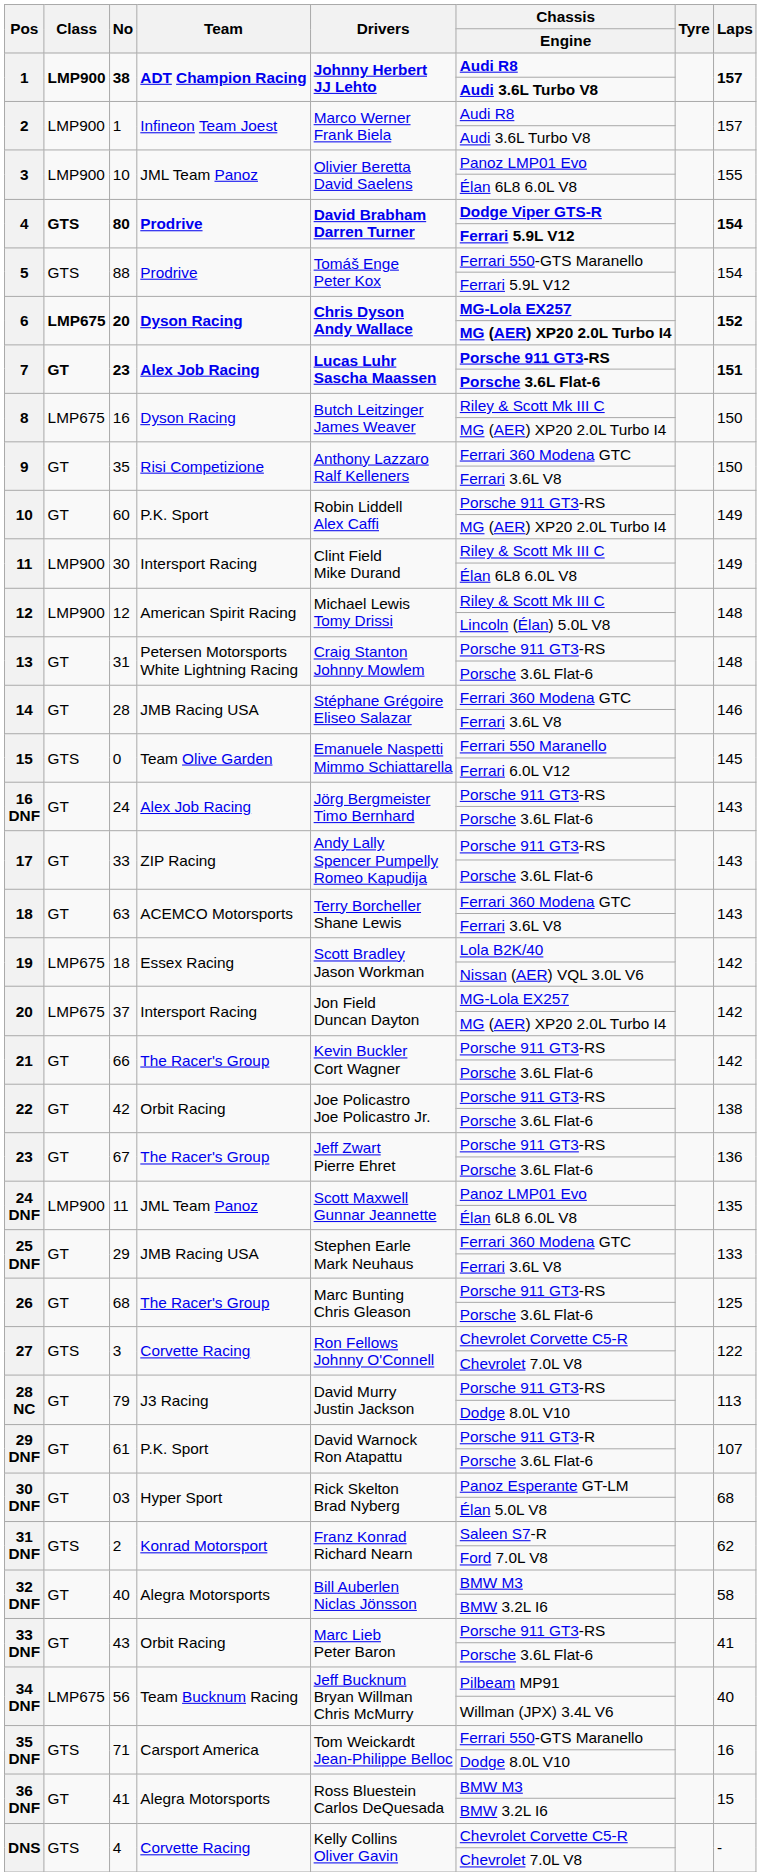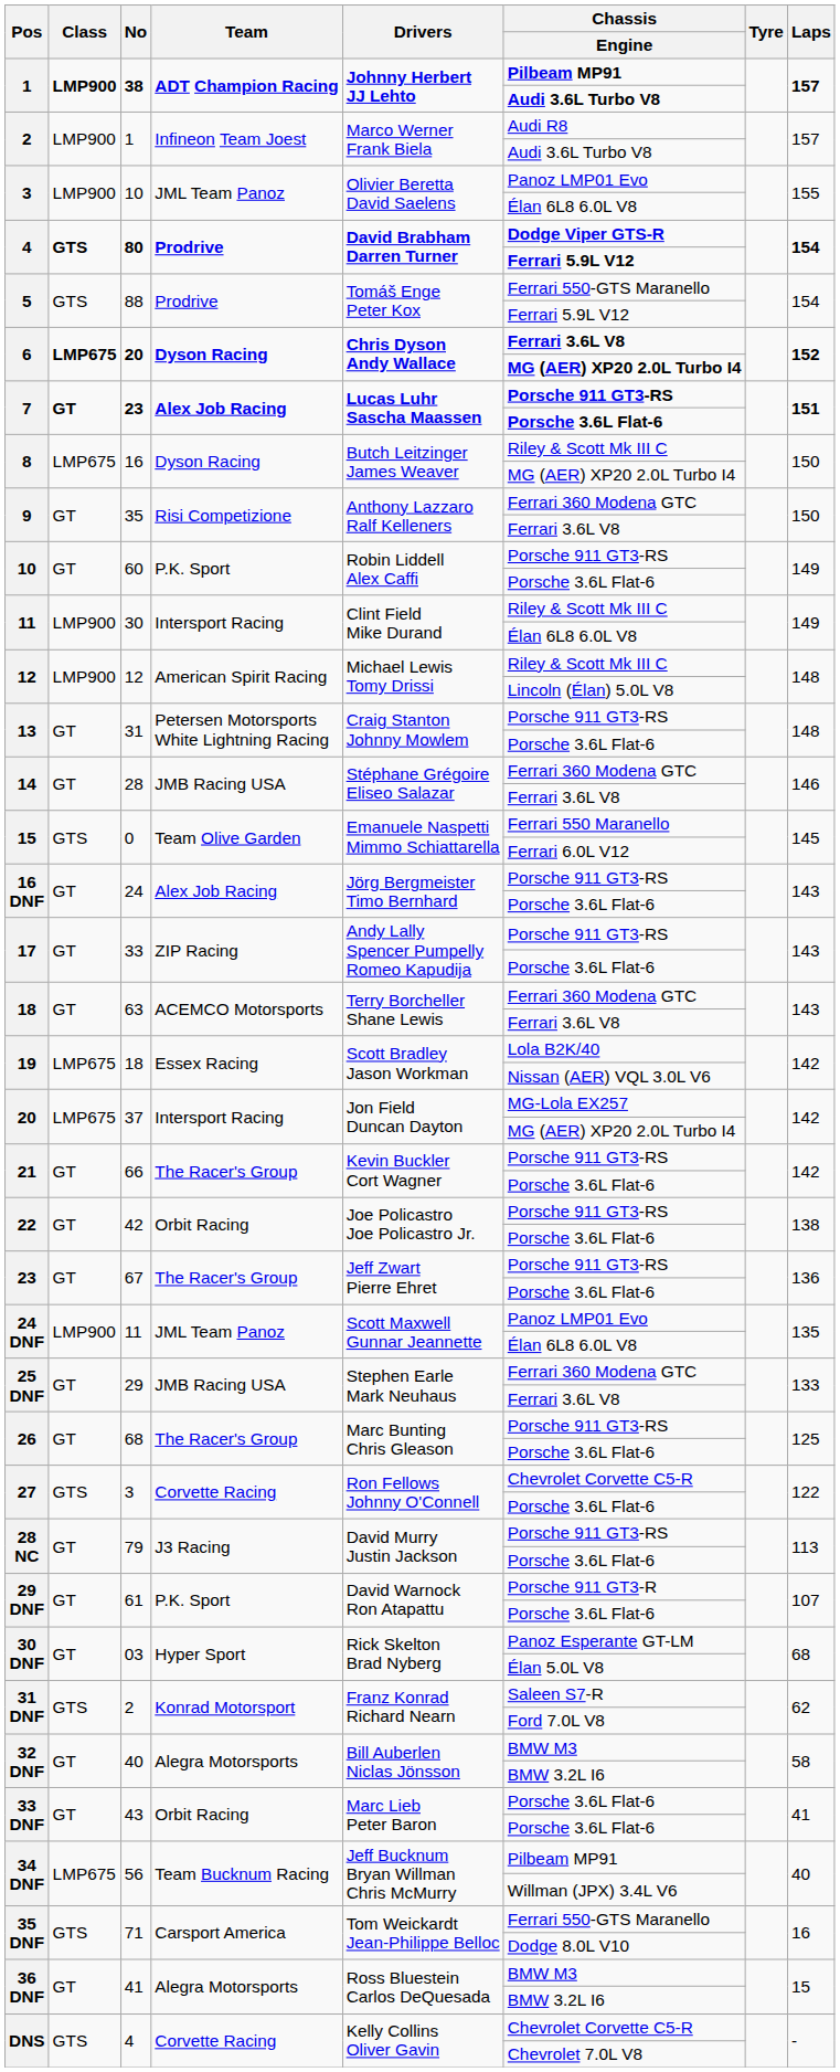 <table class="wikitable" style="font-size: 95%;">
 <tr>
 <th rowspan=2>Pos</th>
 <th rowspan=2>Class</th>
 <th rowspan=2>No</th>
 <th rowspan=2>Team</th>
 <th rowspan=2>Drivers</th>
 <th>Chassis</th>
 <th rowspan=2>Tyre</th>
 <th rowspan=2>Laps</th>
 </tr>
 <tr>
 <th>Engine</th>
 </tr>
 <tr style="font-weight:bold">
 <th rowspan=2>1</th>
 <td rowspan=2>LMP900</td>
 <td rowspan=2>38</td>
 <td rowspan=2> <a href='#'>ADT</a> <a href='#'>Champion Racing</a></td>
 <td rowspan=2> <a href='#'>Johnny Herbert</a><br> <a href='#'>JJ Lehto</a></td>
-<td><a href='#'>Audi R8</a></td>
+<td><a href='#'>Pilbeam</a> MP91</td>
 <td rowspan=2></td>
 <td rowspan=2>157</td>
 </tr>
 <tr style="font-weight:bold">
 <td><a href='#'>Audi</a> 3.6L Turbo V8</td>
 </tr>
 <tr>
 <th rowspan=2>2</th>
 <td rowspan=2>LMP900</td>
 <td rowspan=2>1</td>
 <td rowspan=2> <a href='#'>Infineon</a> <a href='#'>Team Joest</a></td>
 <td rowspan=2> <a href='#'>Marco Werner</a><br> <a href='#'>Frank Biela</a></td>
 <td><a href='#'>Audi R8</a></td>
 <td rowspan=2></td>
 <td rowspan=2>157</td>
 </tr>
 <tr>
 <td><a href='#'>Audi</a> 3.6L Turbo V8</td>
 </tr>
 <tr>
 <th rowspan=2>3</th>
 <td rowspan=2>LMP900</td>
 <td rowspan=2>10</td>
 <td rowspan=2> JML Team <a href='#'>Panoz</a></td>
 <td rowspan=2> <a href='#'>Olivier Beretta</a><br> <a href='#'>David Saelens</a></td>
 <td><a href='#'>Panoz LMP01 Evo</a></td>
 <td rowspan=2></td>
 <td rowspan=2>155</td>
 </tr>
 <tr>
 <td><a href='#'>Élan</a> 6L8 6.0L V8</td>
 </tr>
 <tr style="font-weight:bold">
 <th rowspan=2>4</th>
 <td rowspan=2>GTS</td>
 <td rowspan=2>80</td>
 <td rowspan=2> <a href='#'>Prodrive</a></td>
 <td rowspan=2> <a href='#'>David Brabham</a><br> <a href='#'>Darren Turner</a></td>
 <td><a href='#'>Dodge Viper GTS-R</a></td>
 <td rowspan=2></td>
 <td rowspan=2>154</td>
 </tr>
 <tr style="font-weight:bold">
 <td><a href='#'>Ferrari</a> 5.9L V12</td>
 </tr>
 <tr>
 <th rowspan=2>5</th>
 <td rowspan=2>GTS</td>
 <td rowspan=2>88</td>
 <td rowspan=2> <a href='#'>Prodrive</a></td>
 <td rowspan=2> <a href='#'>Tomáš Enge</a><br> <a href='#'>Peter Kox</a></td>
 <td><a href='#'>Ferrari 550</a>-GTS Maranello</td>
 <td rowspan=2></td>
 <td rowspan=2>154</td>
 </tr>
 <tr>
 <td><a href='#'>Ferrari</a> 5.9L V12</td>
 </tr>
 <tr style="font-weight:bold">
 <th rowspan=2>6</th>
 <td rowspan=2>LMP675</td>
 <td rowspan=2>20</td>
 <td rowspan=2> <a href='#'>Dyson Racing</a></td>
 <td rowspan=2> <a href='#'>Chris Dyson</a><br> <a href='#'>Andy Wallace</a></td>
-<td><a href='#'>MG-Lola EX257</a></td>
+<td><a href='#'>Ferrari</a> 3.6L V8</td>
 <td rowspan=2></td>
 <td rowspan=2>152</td>
 </tr>
 <tr style="font-weight:bold">
 <td><a href='#'>MG</a> (<a href='#'>AER</a>) XP20 2.0L Turbo I4</td>
 </tr>
 <tr style="font-weight:bold">
 <th rowspan=2>7</th>
 <td rowspan=2>GT</td>
 <td rowspan=2>23</td>
 <td rowspan=2> <a href='#'>Alex Job Racing</a></td>
 <td rowspan=2> <a href='#'>Lucas Luhr</a><br> <a href='#'>Sascha Maassen</a></td>
 <td><a href='#'>Porsche 911 GT3</a>-RS</td>
 <td rowspan=2></td>
 <td rowspan=2>151</td>
 </tr>
 <tr style="font-weight:bold">
 <td><a href='#'>Porsche</a> 3.6L Flat-6</td>
 </tr>
 <tr>
 <th rowspan=2>8</th>
 <td rowspan=2>LMP675</td>
 <td rowspan=2>16</td>
 <td rowspan=2> <a href='#'>Dyson Racing</a></td>
 <td rowspan=2> <a href='#'>Butch Leitzinger</a><br> <a href='#'>James Weaver</a></td>
 <td><a href='#'>Riley & Scott Mk III C</a></td>
 <td rowspan=2></td>
 <td rowspan=2>150</td>
 </tr>
 <tr>
 <td><a href='#'>MG</a> (<a href='#'>AER</a>) XP20 2.0L Turbo I4</td>
 </tr>
 <tr>
 <th rowspan=2>9</th>
 <td rowspan=2>GT</td>
 <td rowspan=2>35</td>
 <td rowspan=2> <a href='#'>Risi Competizione</a></td>
 <td rowspan=2> <a href='#'>Anthony Lazzaro</a><br> <a href='#'>Ralf Kelleners</a></td>
 <td><a href='#'>Ferrari 360 Modena</a> GTC</td>
 <td rowspan=2></td>
 <td rowspan=2>150</td>
 </tr>
 <tr>
 <td><a href='#'>Ferrari</a> 3.6L V8</td>
 </tr>
 <tr>
 <th rowspan=2>10</th>
 <td rowspan=2>GT</td>
 <td rowspan=2>60</td>
 <td rowspan=2> P.K. Sport</td>
 <td rowspan=2> Robin Liddell<br> <a href='#'>Alex Caffi</a></td>
 <td><a href='#'>Porsche 911 GT3</a>-RS</td>
 <td rowspan=2></td>
 <td rowspan=2>149</td>
 </tr>
 <tr>
-<td><a href='#'>MG</a> (<a href='#'>AER</a>) XP20 2.0L Turbo I4</td>
+<td><a href='#'>Porsche</a> 3.6L Flat-6</td>
 </tr>
 <tr>
 <th rowspan=2>11</th>
 <td rowspan=2>LMP900</td>
 <td rowspan=2>30</td>
 <td rowspan=2> Intersport Racing</td>
 <td rowspan=2> Clint Field<br> Mike Durand</td>
 <td><a href='#'>Riley & Scott Mk III C</a></td>
 <td rowspan=2></td>
 <td rowspan=2>149</td>
 </tr>
 <tr>
 <td><a href='#'>Élan</a> 6L8 6.0L V8</td>
 </tr>
 <tr>
 <th rowspan=2>12</th>
 <td rowspan=2>LMP900</td>
 <td rowspan=2>12</td>
 <td rowspan=2> American Spirit Racing</td>
 <td rowspan=2> Michael Lewis<br> <a href='#'>Tomy Drissi</a></td>
 <td><a href='#'>Riley & Scott Mk III C</a></td>
 <td rowspan=2></td>
 <td rowspan=2>148</td>
 </tr>
 <tr>
 <td><a href='#'>Lincoln</a> (<a href='#'>Élan</a>) 5.0L V8</td>
 </tr>
 <tr>
 <th rowspan=2>13</th>
 <td rowspan=2>GT</td>
 <td rowspan=2>31</td>
 <td rowspan=2> Petersen Motorsports<br> White Lightning Racing</td>
 <td rowspan=2> <a href='#'>Craig Stanton</a><br> <a href='#'>Johnny Mowlem</a></td>
 <td><a href='#'>Porsche 911 GT3</a>-RS</td>
 <td rowspan=2></td>
 <td rowspan=2>148</td>
 </tr>
 <tr>
 <td><a href='#'>Porsche</a> 3.6L Flat-6</td>
 </tr>
 <tr>
 <th rowspan=2>14</th>
 <td rowspan=2>GT</td>
 <td rowspan=2>28</td>
 <td rowspan=2> JMB Racing USA</td>
 <td rowspan=2> <a href='#'>Stéphane Grégoire</a><br> <a href='#'>Eliseo Salazar</a></td>
 <td><a href='#'>Ferrari 360 Modena</a> GTC</td>
 <td rowspan=2></td>
 <td rowspan=2>146</td>
 </tr>
 <tr>
 <td><a href='#'>Ferrari</a> 3.6L V8</td>
 </tr>
 <tr>
 <th rowspan=2>15</th>
 <td rowspan=2>GTS</td>
 <td rowspan=2>0</td>
 <td rowspan=2> Team <a href='#'>Olive Garden</a></td>
 <td rowspan=2> <a href='#'>Emanuele Naspetti</a><br> <a href='#'>Mimmo Schiattarella</a></td>
 <td><a href='#'>Ferrari 550 Maranello</a></td>
 <td rowspan=2></td>
 <td rowspan=2>145</td>
 </tr>
 <tr>
 <td><a href='#'>Ferrari</a> 6.0L V12</td>
 </tr>
 <tr>
 <th rowspan=2>16<br>DNF</th>
 <td rowspan=2>GT</td>
 <td rowspan=2>24</td>
 <td rowspan=2> <a href='#'>Alex Job Racing</a></td>
 <td rowspan=2> <a href='#'>Jörg Bergmeister</a><br> <a href='#'>Timo Bernhard</a></td>
 <td><a href='#'>Porsche 911 GT3</a>-RS</td>
 <td rowspan=2></td>
 <td rowspan=2>143</td>
 </tr>
 <tr>
 <td><a href='#'>Porsche</a> 3.6L Flat-6</td>
 </tr>
 <tr>
 <th rowspan=2>17</th>
 <td rowspan=2>GT</td>
 <td rowspan=2>33</td>
 <td rowspan=2> ZIP Racing</td>
 <td rowspan=2> <a href='#'>Andy Lally</a><br> <a href='#'>Spencer Pumpelly</a><br> <a href='#'>Romeo Kapudija</a></td>
 <td><a href='#'>Porsche 911 GT3</a>-RS</td>
 <td rowspan=2></td>
 <td rowspan=2>143</td>
 </tr>
 <tr>
 <td><a href='#'>Porsche</a> 3.6L Flat-6</td>
 </tr>
 <tr>
 <th rowspan=2>18</th>
 <td rowspan=2>GT</td>
 <td rowspan=2>63</td>
 <td rowspan=2> ACEMCO Motorsports</td>
 <td rowspan=2> <a href='#'>Terry Borcheller</a><br> Shane Lewis</td>
 <td><a href='#'>Ferrari 360 Modena</a> GTC</td>
 <td rowspan=2></td>
 <td rowspan=2>143</td>
 </tr>
 <tr>
 <td><a href='#'>Ferrari</a> 3.6L V8</td>
 </tr>
 <tr>
 <th rowspan=2>19</th>
 <td rowspan=2>LMP675</td>
 <td rowspan=2>18</td>
 <td rowspan=2> Essex Racing</td>
 <td rowspan=2> <a href='#'>Scott Bradley</a><br> Jason Workman</td>
 <td><a href='#'>Lola B2K/40</a></td>
 <td rowspan=2></td>
 <td rowspan=2>142</td>
 </tr>
 <tr>
 <td><a href='#'>Nissan</a> (<a href='#'>AER</a>) VQL 3.0L V6</td>
 </tr>
 <tr>
 <th rowspan=2>20</th>
 <td rowspan=2>LMP675</td>
 <td rowspan=2>37</td>
 <td rowspan=2> Intersport Racing</td>
 <td rowspan=2> Jon Field<br> Duncan Dayton</td>
 <td><a href='#'>MG-Lola EX257</a></td>
 <td rowspan=2></td>
 <td rowspan=2>142</td>
 </tr>
 <tr>
 <td><a href='#'>MG</a> (<a href='#'>AER</a>) XP20 2.0L Turbo I4</td>
 </tr>
 <tr>
 <th rowspan=2>21</th>
 <td rowspan=2>GT</td>
 <td rowspan=2>66</td>
 <td rowspan=2> <a href='#'>The Racer's Group</a></td>
 <td rowspan=2> <a href='#'>Kevin Buckler</a><br> Cort Wagner</td>
 <td><a href='#'>Porsche 911 GT3</a>-RS</td>
 <td rowspan=2></td>
 <td rowspan=2>142</td>
 </tr>
 <tr>
 <td><a href='#'>Porsche</a> 3.6L Flat-6</td>
 </tr>
 <tr>
 <th rowspan=2>22</th>
 <td rowspan=2>GT</td>
 <td rowspan=2>42</td>
 <td rowspan=2> Orbit Racing</td>
 <td rowspan=2> Joe Policastro<br> Joe Policastro Jr.</td>
 <td><a href='#'>Porsche 911 GT3</a>-RS</td>
 <td rowspan=2></td>
 <td rowspan=2>138</td>
 </tr>
 <tr>
 <td><a href='#'>Porsche</a> 3.6L Flat-6</td>
 </tr>
 <tr>
 <th rowspan=2>23</th>
 <td rowspan=2>GT</td>
 <td rowspan=2>67</td>
 <td rowspan=2> <a href='#'>The Racer's Group</a></td>
 <td rowspan=2> <a href='#'>Jeff Zwart</a><br> Pierre Ehret</td>
 <td><a href='#'>Porsche 911 GT3</a>-RS</td>
 <td rowspan=2></td>
 <td rowspan=2>136</td>
 </tr>
 <tr>
 <td><a href='#'>Porsche</a> 3.6L Flat-6</td>
 </tr>
 <tr>
 <th rowspan=2>24<br>DNF</th>
 <td rowspan=2>LMP900</td>
 <td rowspan=2>11</td>
 <td rowspan=2> JML Team <a href='#'>Panoz</a></td>
 <td rowspan=2> <a href='#'>Scott Maxwell</a><br> <a href='#'>Gunnar Jeannette</a></td>
 <td><a href='#'>Panoz LMP01 Evo</a></td>
 <td rowspan=2></td>
 <td rowspan=2>135</td>
 </tr>
 <tr>
 <td><a href='#'>Élan</a> 6L8 6.0L V8</td>
 </tr>
 <tr>
 <th rowspan=2>25<br>DNF</th>
 <td rowspan=2>GT</td>
 <td rowspan=2>29</td>
 <td rowspan=2> JMB Racing USA</td>
 <td rowspan=2> Stephen Earle<br> Mark Neuhaus</td>
 <td><a href='#'>Ferrari 360 Modena</a> GTC</td>
 <td rowspan=2></td>
 <td rowspan=2>133</td>
 </tr>
 <tr>
 <td><a href='#'>Ferrari</a> 3.6L V8</td>
 </tr>
 <tr>
 <th rowspan=2>26</th>
 <td rowspan=2>GT</td>
 <td rowspan=2>68</td>
 <td rowspan=2> <a href='#'>The Racer's Group</a></td>
 <td rowspan=2> Marc Bunting<br> Chris Gleason</td>
 <td><a href='#'>Porsche 911 GT3</a>-RS</td>
 <td rowspan=2></td>
 <td rowspan=2>125</td>
 </tr>
 <tr>
 <td><a href='#'>Porsche</a> 3.6L Flat-6</td>
 </tr>
 <tr>
 <th rowspan=2>27</th>
 <td rowspan=2>GTS</td>
 <td rowspan=2>3</td>
 <td rowspan=2> <a href='#'>Corvette Racing</a></td>
 <td rowspan=2> <a href='#'>Ron Fellows</a><br> <a href='#'>Johnny O'Connell</a></td>
 <td><a href='#'>Chevrolet Corvette C5-R</a></td>
 <td rowspan=2></td>
 <td rowspan=2>122</td>
 </tr>
 <tr>
-<td><a href='#'>Chevrolet</a> 7.0L V8</td>
+<td><a href='#'>Porsche</a> 3.6L Flat-6</td>
 </tr>
 <tr>
 <th rowspan=2>28<br>NC</th>
 <td rowspan=2>GT</td>
 <td rowspan=2>79</td>
 <td rowspan=2> J3 Racing</td>
 <td rowspan=2> David Murry<br> Justin Jackson</td>
 <td><a href='#'>Porsche 911 GT3</a>-RS</td>
 <td rowspan=2></td>
 <td rowspan=2>113</td>
 </tr>
 <tr>
-<td><a href='#'>Dodge</a> 8.0L V10</td>
+<td><a href='#'>Porsche</a> 3.6L Flat-6</td>
 </tr>
 <tr>
 <th rowspan=2>29<br>DNF</th>
 <td rowspan=2>GT</td>
 <td rowspan=2>61</td>
 <td rowspan=2> P.K. Sport</td>
 <td rowspan=2> David Warnock<br> Ron Atapattu</td>
 <td><a href='#'>Porsche 911 GT3</a>-R</td>
 <td rowspan=2></td>
 <td rowspan=2>107</td>
 </tr>
 <tr>
 <td><a href='#'>Porsche</a> 3.6L Flat-6</td>
 </tr>
 <tr>
 <th rowspan=2>30<br>DNF</th>
 <td rowspan=2>GT</td>
 <td rowspan=2>03</td>
 <td rowspan=2> Hyper Sport</td>
 <td rowspan=2> Rick Skelton<br> Brad Nyberg</td>
 <td><a href='#'>Panoz Esperante</a> GT-LM</td>
 <td rowspan=2></td>
 <td rowspan=2>68</td>
 </tr>
 <tr>
 <td><a href='#'>Élan</a> 5.0L V8</td>
 </tr>
 <tr>
 <th rowspan=2>31<br>DNF</th>
 <td rowspan=2>GTS</td>
 <td rowspan=2>2</td>
 <td rowspan=2> <a href='#'>Konrad Motorsport</a></td>
 <td rowspan=2> <a href='#'>Franz Konrad</a><br> Richard Nearn</td>
 <td><a href='#'>Saleen S7</a>-R</td>
 <td rowspan=2></td>
 <td rowspan=2>62</td>
 </tr>
 <tr>
 <td><a href='#'>Ford</a> 7.0L V8</td>
 </tr>
 <tr>
 <th rowspan=2>32<br>DNF</th>
 <td rowspan=2>GT</td>
 <td rowspan=2>40</td>
 <td rowspan=2> Alegra Motorsports</td>
 <td rowspan=2> <a href='#'>Bill Auberlen</a><br> <a href='#'>Niclas Jönsson</a></td>
 <td><a href='#'>BMW M3</a></td>
 <td rowspan=2></td>
 <td rowspan=2>58</td>
 </tr>
 <tr>
 <td><a href='#'>BMW</a> 3.2L I6</td>
 </tr>
 <tr>
 <th rowspan=2>33<br>DNF</th>
 <td rowspan=2>GT</td>
 <td rowspan=2>43</td>
 <td rowspan=2> Orbit Racing</td>
 <td rowspan=2> <a href='#'>Marc Lieb</a><br> Peter Baron</td>
-<td><a href='#'>Porsche 911 GT3</a>-RS</td>
+<td><a href='#'>Porsche</a> 3.6L Flat-6</td>
 <td rowspan=2></td>
 <td rowspan=2>41</td>
 </tr>
 <tr>
 <td><a href='#'>Porsche</a> 3.6L Flat-6</td>
 </tr>
 <tr>
 <th rowspan=2>34<br>DNF</th>
 <td rowspan=2>LMP675</td>
 <td rowspan=2>56</td>
 <td rowspan=2> Team <a href='#'>Bucknum</a> Racing</td>
 <td rowspan=2> <a href='#'>Jeff Bucknum</a><br> Bryan Willman<br> Chris McMurry</td>
 <td><a href='#'>Pilbeam</a> MP91</td>
 <td rowspan=2></td>
 <td rowspan=2>40</td>
 </tr>
 <tr>
 <td>Willman (JPX) 3.4L V6</td>
 </tr>
 <tr>
 <th rowspan=2>35<br>DNF</th>
 <td rowspan=2>GTS</td>
 <td rowspan=2>71</td>
 <td rowspan=2> Carsport America</td>
 <td rowspan=2> Tom Weickardt<br> <a href='#'>Jean-Philippe Belloc</a></td>
 <td><a href='#'>Ferrari 550</a>-GTS Maranello</td>
 <td rowspan=2></td>
 <td rowspan=2>16</td>
 </tr>
 <tr>
 <td><a href='#'>Dodge</a> 8.0L V10</td>
 </tr>
 <tr>
 <th rowspan=2>36<br>DNF</th>
 <td rowspan=2>GT</td>
 <td rowspan=2>41</td>
 <td rowspan=2> Alegra Motorsports</td>
 <td rowspan=2> Ross Bluestein<br> Carlos DeQuesada</td>
 <td><a href='#'>BMW M3</a></td>
 <td rowspan=2></td>
 <td rowspan=2>15</td>
 </tr>
 <tr>
 <td><a href='#'>BMW</a> 3.2L I6</td>
 </tr>
 <tr>
 <th rowspan=2>DNS</th>
 <td rowspan=2>GTS</td>
 <td rowspan=2>4</td>
 <td rowspan=2> <a href='#'>Corvette Racing</a></td>
 <td rowspan=2> Kelly Collins<br> <a href='#'>Oliver Gavin</a></td>
 <td><a href='#'>Chevrolet Corvette C5-R</a></td>
 <td rowspan=2></td>
 <td rowspan=2>-</td>
 </tr>
 <tr>
 <td><a href='#'>Chevrolet</a> 7.0L V8</td>
 </tr>
 </table>
